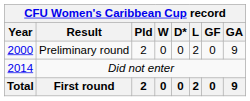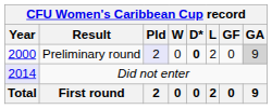 <table class="wikitable" style="text-align: center;">
 <tr>
 <th colspan=8><a href='#'>CFU Women's Caribbean Cup</a> record</th>
 </tr>
 <tr>
 <th>Year</th>
 <th>Result</th>
 <th>Pld</th>
 <th>W</th>
 <th>D*</th>
 <th>L</th>
 <th>GF</th>
 <th>GA</th>
 </tr>
 <tr>
 <td> <a href='#'>2000</a></td>
 <td>Preliminary round</td>
+<td style="background: lavender;">2</td>
+<td>0</td>
+<td><strong>0</strong></td>
 <td>2</td>
 <td>0</td>
-<td>0</td>
-<td>2</td>
-<td>0</td>
-<td>9</td>
+<td style="background: lightgrey;">9</td>
 </tr>
 <tr>
-<td> <a href='#'>2014</a></td>
+<td style="background: lavender;"> <a href='#'>2014</a></td>
 <td colspan=7><em>Did not enter</em></td>
 </tr>
 <tr>
 <th>Total</th>
 <th>First round</th>
 <th>2</th>
 <th>0</th>
 <th>0</th>
 <th>2</th>
 <th>0</th>
 <th>9</th>
 </tr>
 </table>
